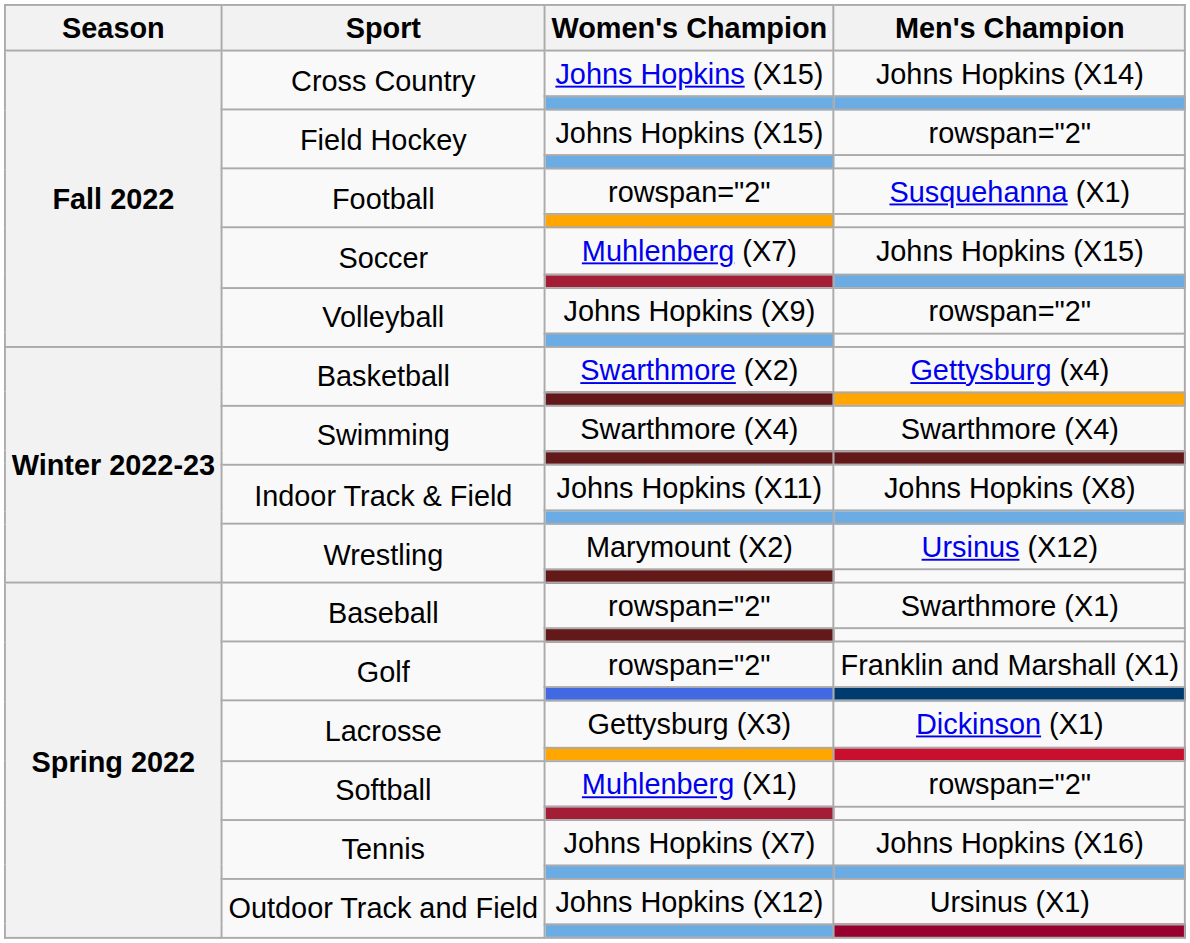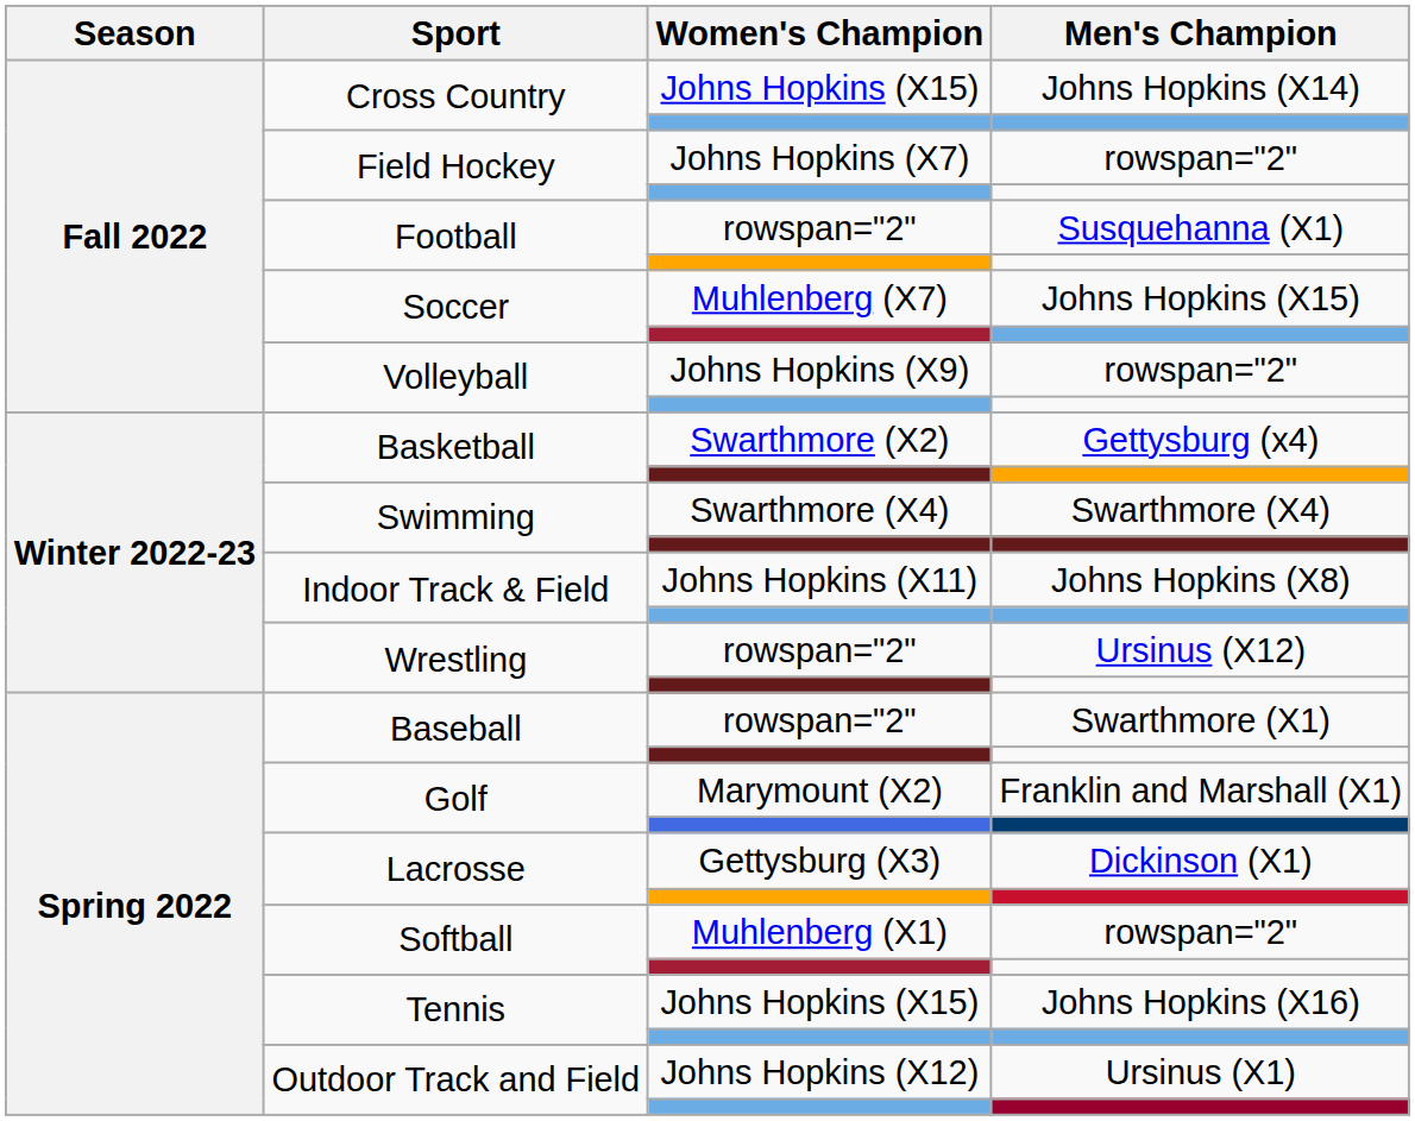 <table class="wikitable" style="text-align:center; font-size:95%">
 <tr>
 <th>Season</th>
 <th>Sport</th>
 <th>Women's Champion</th>
 <th>Men's Champion</th>
 </tr>
 <tr>
 <th rowspan="10">Fall 2022</th>
 <td rowspan="2">Cross Country</td>
 <td><a href='#'>Johns Hopkins</a> (X15)</td>
 <td>Johns Hopkins (X14)</td>
 </tr>
 <tr>
 <td bgcolor=#6cace4></td>
 <td bgcolor=#6cace4></td>
 </tr>
 <tr>
 <td rowspan="2">Field Hockey</td>
-<td>Johns Hopkins (X15)</td>
+<td>Johns Hopkins (X7)</td>
 <td>rowspan="2" </td>
 </tr>
 <tr>
 <td bgcolor=#6cace4></td>
 </tr>
 <tr>
 <td rowspan="2">Football</td>
 <td>rowspan="2" </td>
 <td><a href='#'>Susquehanna</a> (X1)</td>
 </tr>
 <tr>
 <td bgcolor=#ffa600></td>
 </tr>
 <tr>
 <td rowspan="2">Soccer</td>
 <td><a href='#'>Muhlenberg</a> (X7)</td>
 <td>Johns Hopkins (X15)</td>
 </tr>
 <tr>
 <td bgcolor=#A41D36></td>
 <td bgcolor=#6cace4></td>
 </tr>
 <tr>
 <td rowspan="2">Volleyball</td>
 <td>Johns Hopkins (X9)</td>
 <td>rowspan="2" </td>
 </tr>
 <tr>
 <td bgcolor=#6cace4></td>
 </tr>
 <tr>
 <th rowspan="8">Winter 2022-23</th>
 <td rowspan="2">Basketball</td>
 <td><a href='#'>Swarthmore</a> (X2)</td>
 <td><a href='#'>Gettysburg</a> (x4)</td>
 </tr>
 <tr>
 <td bgcolor=#631919></td>
 <td bgcolor=#ffa600></td>
 </tr>
 <tr>
 <td rowspan="2">Swimming</td>
 <td>Swarthmore (X4)</td>
 <td>Swarthmore (X4)</td>
 </tr>
 <tr>
 <td bgcolor=#631919></td>
 <td bgcolor=#631919></td>
 </tr>
 <tr>
 <td rowspan="2">Indoor Track & Field</td>
 <td>Johns Hopkins (X11)</td>
 <td>Johns Hopkins (X8)</td>
 </tr>
 <tr>
 <td bgcolor=#6cace4></td>
 <td bgcolor=#6cace4></td>
 </tr>
 <tr>
 <td rowspan="2">Wrestling</td>
-<td>Marymount (X2)</td>
+<td>rowspan="2" </td>
 <td><a href='#'>Ursinus</a> (X12)</td>
 </tr>
 <tr>
 <td bgcolor=#631919></td>
 </tr>
 <tr>
 <th rowspan="12">Spring 2022</th>
 <td rowspan="2">Baseball</td>
 <td>rowspan="2" </td>
 <td>Swarthmore (X1)</td>
 </tr>
 <tr>
 <td bgcolor=#631919></td>
 </tr>
 <tr>
 <td rowspan="2">Golf</td>
-<td>rowspan="2" </td>
+<td>Marymount (X2)</td>
 <td>Franklin and Marshall (X1)</td>
 </tr>
 <tr>
 <td bgcolor=#4169e1></td>
 <td bgcolor=#003B70></td>
 </tr>
 <tr>
 <td rowspan="2">Lacrosse</td>
 <td>Gettysburg (X3)</td>
 <td><a href='#'>Dickinson</a> (X1)</td>
 </tr>
 <tr>
 <td bgcolor=#ffa600></td>
 <td bgcolor=#c8102e></td>
 </tr>
 <tr>
 <td rowspan="2">Softball</td>
 <td><a href='#'>Muhlenberg</a> (X1)</td>
 <td>rowspan="2" </td>
 </tr>
 <tr>
 <td bgcolor=#A41D36></td>
 </tr>
 <tr>
 <td rowspan="2">Tennis</td>
-<td>Johns Hopkins (X7)</td>
+<td>Johns Hopkins (X15)</td>
 <td>Johns Hopkins (X16)</td>
 </tr>
 <tr>
 <td bgcolor=#6cace4></td>
 <td bgcolor=#6cace4></td>
 </tr>
 <tr>
 <td rowspan="2">Outdoor Track and Field</td>
 <td>Johns Hopkins (X12)</td>
 <td>Ursinus (X1)</td>
 </tr>
 <tr>
 <td bgcolor=#6cace4></td>
 <td bgcolor=#98012e></td>
 </tr>
 </table>
